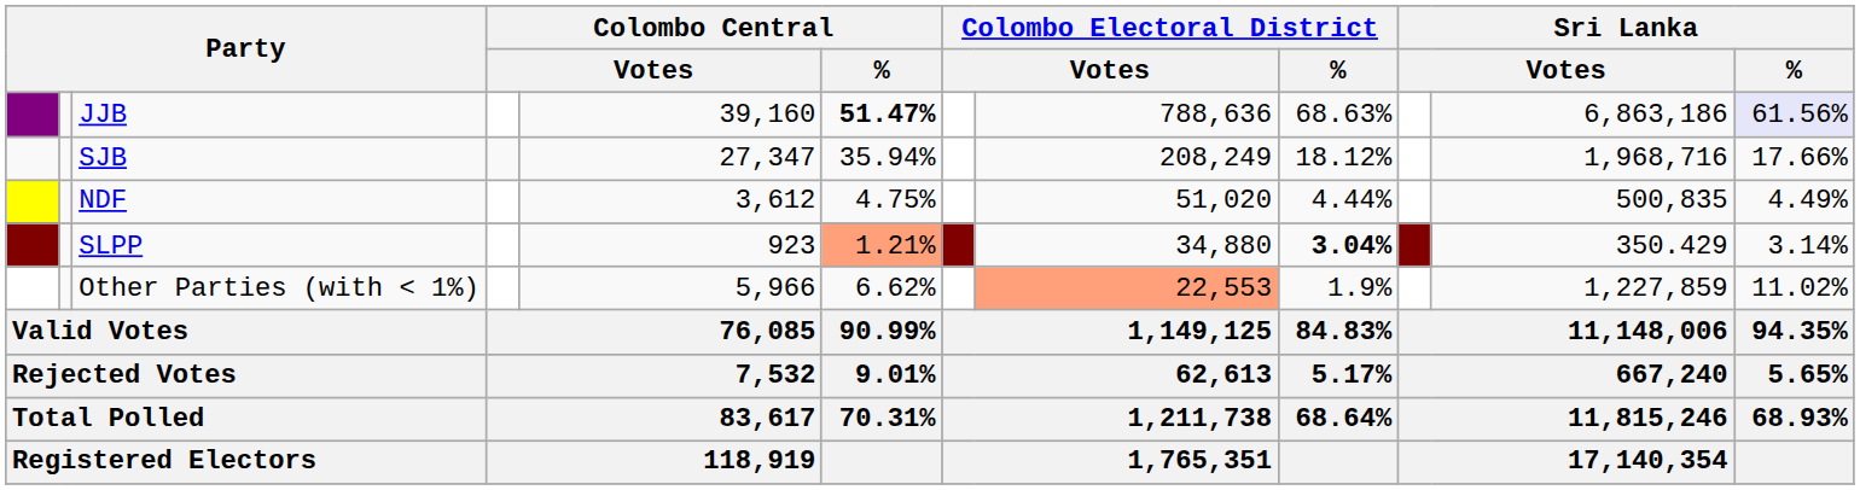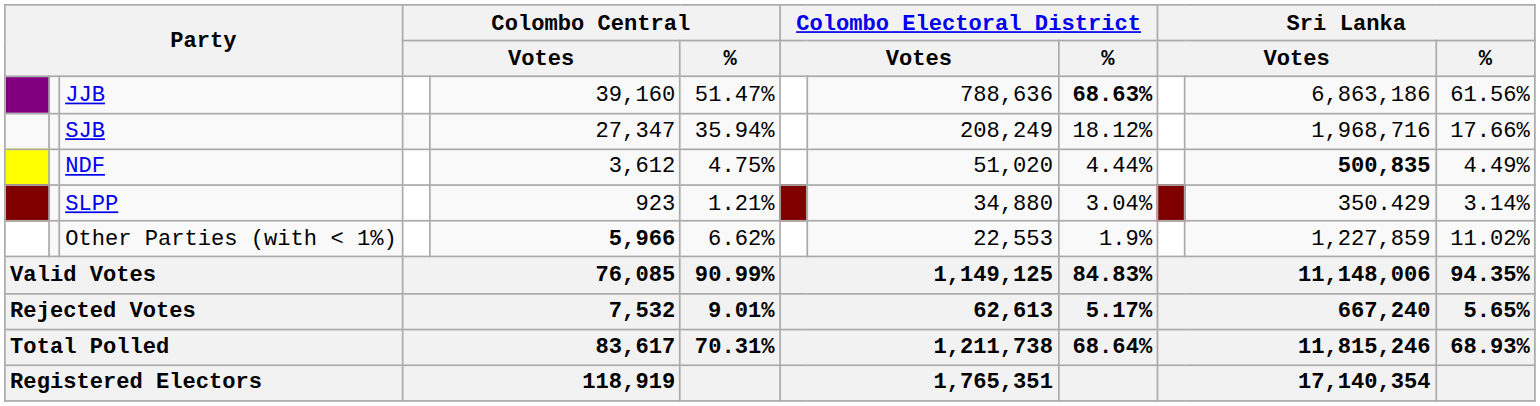 <table class="wikitable">
 <tr>
 <th colspan="3" width="144px"rowspan="2">Party</th>
 <th colspan="3" width="216px">Colombo Central </th>
 <th colspan="3" width="216px"><a href='#'>Colombo Electoral District</a></th>
 <th colspan="3" width="216px">Sri Lanka</th>
 </tr>
 <tr>
 <th colspan="2" width="144px">Votes</th>
 <th>%</th>
 <th colspan="2" width="144px">Votes</th>
 <th>%</th>
 <th colspan="2" width="144px">Votes</th>
 <th>%</th>
 </tr>
 <tr>
 <td style="background-color:purple;" width="20px"></td>
 <td></td>
 <td style="text-align:left;"><a href='#'>JJB</a></td>
 <td style="background-color:white;" width="10px"></td>
 <td style="text-align:right;">39,160</td>
-<td style="text-align:right;"><strong>51.47%</strong></td>
+<td style="text-align:right;">51.47%</td>
 <td style="background-color:white;" width="10px"></td>
 <td style="text-align:right;">788,636</td>
-<td style="text-align:right;">68.63%</td>
+<td style="text-align:right;"><strong>68.63%</strong></td>
 <td style="background-color:white;" width="10px"></td>
 <td style="text-align:right;">6,863,186</td>
-<td style="background: lavender; text-align:right;">61.56%</td>
+<td style="text-align:right;">61.56%</td>
 </tr>
 <tr>
 <td style="background-color:"></td>
 <td></td>
 <td style="text-align:left;"><a href='#'>SJB</a></td>
 <td style="background-color:"></td>
 <td style="text-align:right;">27,347</td>
 <td style="text-align:right;">35.94%</td>
 <td style="background-color:white;" width="10px"></td>
 <td style="text-align:right;">208,249</td>
 <td style="text-align:right;">18.12%</td>
 <td style="background-color:white;" width="10px"></td>
 <td style="text-align:right;">1,968,716</td>
 <td style="text-align:right;">17.66%</td>
 </tr>
 <tr>
 <td style="background-color:yellow;" width="20px"></td>
 <td></td>
 <td style="text-align:left;"><a href='#'>NDF</a></td>
 <td style="background-color:white;" width="10px"></td>
 <td style="text-align:right;">3,612</td>
 <td style="text-align:right;">4.75%</td>
 <td style="background-color:white;" width="10px"></td>
 <td style="text-align:right;">51,020</td>
 <td style="text-align:right;">4.44%</td>
 <td style="background-color:white;" width="10px"></td>
-<td style="text-align:right;">500,835</td>
+<td style="text-align:right;"><strong>500,835</strong></td>
 <td style="text-align:right;">4.49%</td>
 </tr>
 <tr>
 <td style="background-color:maroon;" width="20px"></td>
 <td></td>
 <td style="text-align:left;"><a href='#'>SLPP</a></td>
 <td style="background-color:white;" width="10px"></td>
 <td style="text-align:right;">923</td>
-<td style="background: lightsalmon; text-align:right;">1.21%</td>
+<td style="text-align:right;">1.21%</td>
 <td style="background-color:maroon;" width="10px"></td>
 <td style="text-align:right;">34,880</td>
-<td style="text-align:right;"><strong>3.04%</strong></td>
+<td style="text-align:right;">3.04%</td>
 <td style="background-color:maroon;" width="10px"></td>
 <td style="text-align:right;">350.429</td>
 <td style="text-align:right;">3.14%</td>
 </tr>
 <tr>
 <td style="background-color:white;" width="20px"></td>
 <td></td>
 <td style="text-align:left;">Other Parties (with < 1%)</td>
 <td style="background-color:white;" width="10px"></td>
-<td style="text-align:right;">5,966</td>
+<td style="text-align:right;"><strong>5,966</strong></td>
 <td style="text-align:right;">6.62%</td>
 <td style="background-color:white;" width="10px"></td>
-<td style="background: lightsalmon; text-align:right;">22,553</td>
+<td style="text-align:right;">22,553</td>
 <td style="text-align:right;">1.9%</td>
 <td style="background-color:white;" width="10px"></td>
 <td style="text-align:right;">1,227,859</td>
 <td style="text-align:right;">11.02%</td>
 </tr>
 <tr>
 <th colspan="3" width="144px"style="text-align:left;">Valid Votes</th>
 <th style="text-align:right;"colspan="2" width="144px">76,085</th>
 <th style="text-align:right;">90.99%</th>
 <th style="text-align:right;"colspan="2" width="144px">1,149,125</th>
 <th style="text-align:right;">84.83%</th>
 <th style="text-align:right;"colspan="2" width="144px">11,148,006</th>
 <th style="text-align:right;">94.35%</th>
 </tr>
 <tr>
 <th colspan="3" width="144px"style="text-align:left;">Rejected Votes</th>
 <th style="text-align:right;"colspan="2" width="144px">7,532</th>
 <th style="text-align:right;">9.01%</th>
 <th style="text-align:right;"colspan="2" width="144px">62,613</th>
 <th style="text-align:right;">5.17%</th>
 <th style="text-align:right;"colspan="2" width="144px">667,240</th>
 <th style="text-align:right;">5.65%</th>
 </tr>
 <tr>
 <th colspan="3" width="144px"style="text-align:left;">Total Polled</th>
 <th style="text-align:right;"colspan="2" width="144px">83,617</th>
 <th style="text-align:right;">70.31%</th>
 <th style="text-align:right;"colspan="2" width="144px">1,211,738</th>
 <th style="text-align:right;">68.64%</th>
 <th style="text-align:right;"colspan="2" width="144px">11,815,246</th>
 <th style="text-align:right;">68.93%</th>
 </tr>
 <tr>
 <th colspan="3" width="144px"style="text-align:left;">Registered Electors</th>
 <th style="text-align:right;"colspan="2" width="144px">118,919</th>
 <th></th>
 <th style="text-align:right;"colspan="2" width="144px">1,765,351</th>
 <th></th>
 <th style="text-align:right;"colspan="2" width="144px">17,140,354</th>
 <th></th>
 </tr>
 </table>
